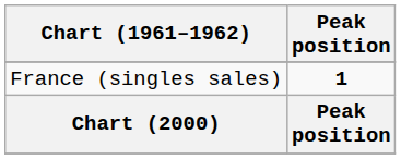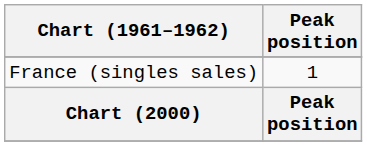 <table class="wikitable plainrowheaders sortable" style="text-align:left;">
 <tr>
 <th scope="col">Chart (1961–1962)</th>
 <th scope="col">Peak<br>position</th>
 </tr>
 <tr>
 </tr>
 <tr>
 <td>France (singles sales)</td>
-<td align="center"><strong>1</strong></td>
+<td align="center">1</td>
 </tr>
 <tr>
 <th scope="col">Chart (2000)</th>
 <th scope="col">Peak<br>position</th>
 </tr>
 <tr>
 </tr>
 </table>
